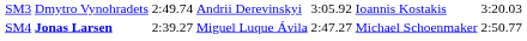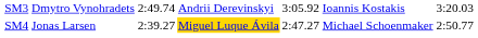 <table>
 <tr>
 <td><a href='#'>SM3</a></td>
 <td><a href='#'>Dmytro Vynohradets</a><br></td>
 <td>2:49.74</td>
 <td><a href='#'>Andrii Derevinskyi</a><br></td>
 <td>3:05.92</td>
 <td><a href='#'>Ioannis Kostakis</a><br></td>
 <td>3:20.03</td>
 </tr>
 <tr>
 <td><a href='#'>SM4</a></td>
-<td><strong><a href='#'>Jonas Larsen</a><br></strong></td>
+<td><a href='#'>Jonas Larsen</a><br></td>
 <td>2:39.27</td>
-<td><a href='#'>Miguel Luque Ávila</a><br></td>
+<td style="background: gold;"><a href='#'>Miguel Luque Ávila</a><br></td>
 <td>2:47.27</td>
 <td><a href='#'>Michael Schoenmaker</a><br></td>
 <td>2:50.77</td>
 </tr>
 </table>
